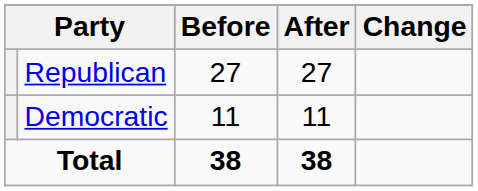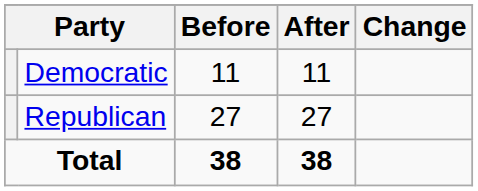 <table class="wikitable" style="text-align:center;">
 <tr>
 </tr>
 <tr>
 <th colspan=2>Party</th>
 <th>Before</th>
 <th>After</th>
 <th>Change</th>
 </tr>
 <tr>
 <th style="background-color:"></th>
-<td style="text-align:left;"><a href='#'>Republican</a></td>
-<td>27</td>
-<td>27</td>
+<td style="text-align:left;"><a href='#'>Democratic</a></td>
+<td>11</td>
+<td>11</td>
 <td></td>
 </tr>
 <tr>
 <th style="background-color:"></th>
-<td style="text-align:left;"><a href='#'>Democratic</a></td>
-<td>11</td>
-<td>11</td>
+<td style="text-align:left;"><a href='#'>Republican</a></td>
+<td>27</td>
+<td>27</td>
 <td></td>
 </tr>
 <tr>
 <td colspan=2><strong>Total</strong></td>
 <td><strong>38</strong></td>
 <td><strong>38</strong></td>
 <td></td>
 </tr>
 </table>
